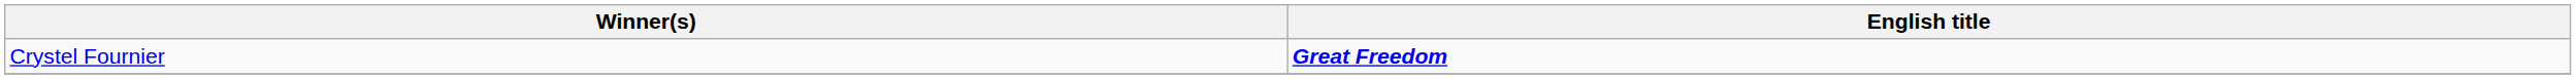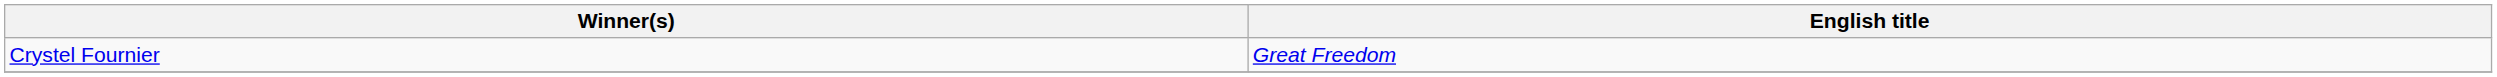 <table class="wikitable" width="95%" cellpadding="5">
 <tr>
 <th width="18%">Winner(s)</th>
 <th width="18%">English title</th>
 </tr>
 <tr>
 <td> <a href='#'>Crystel Fournier</a></td>
-<td><strong><em><a href='#'>Great Freedom</a></em></strong></td>
+<td><em><a href='#'>Great Freedom</a></em></td>
 </tr>
 <tr>
 </tr>
 </table>
